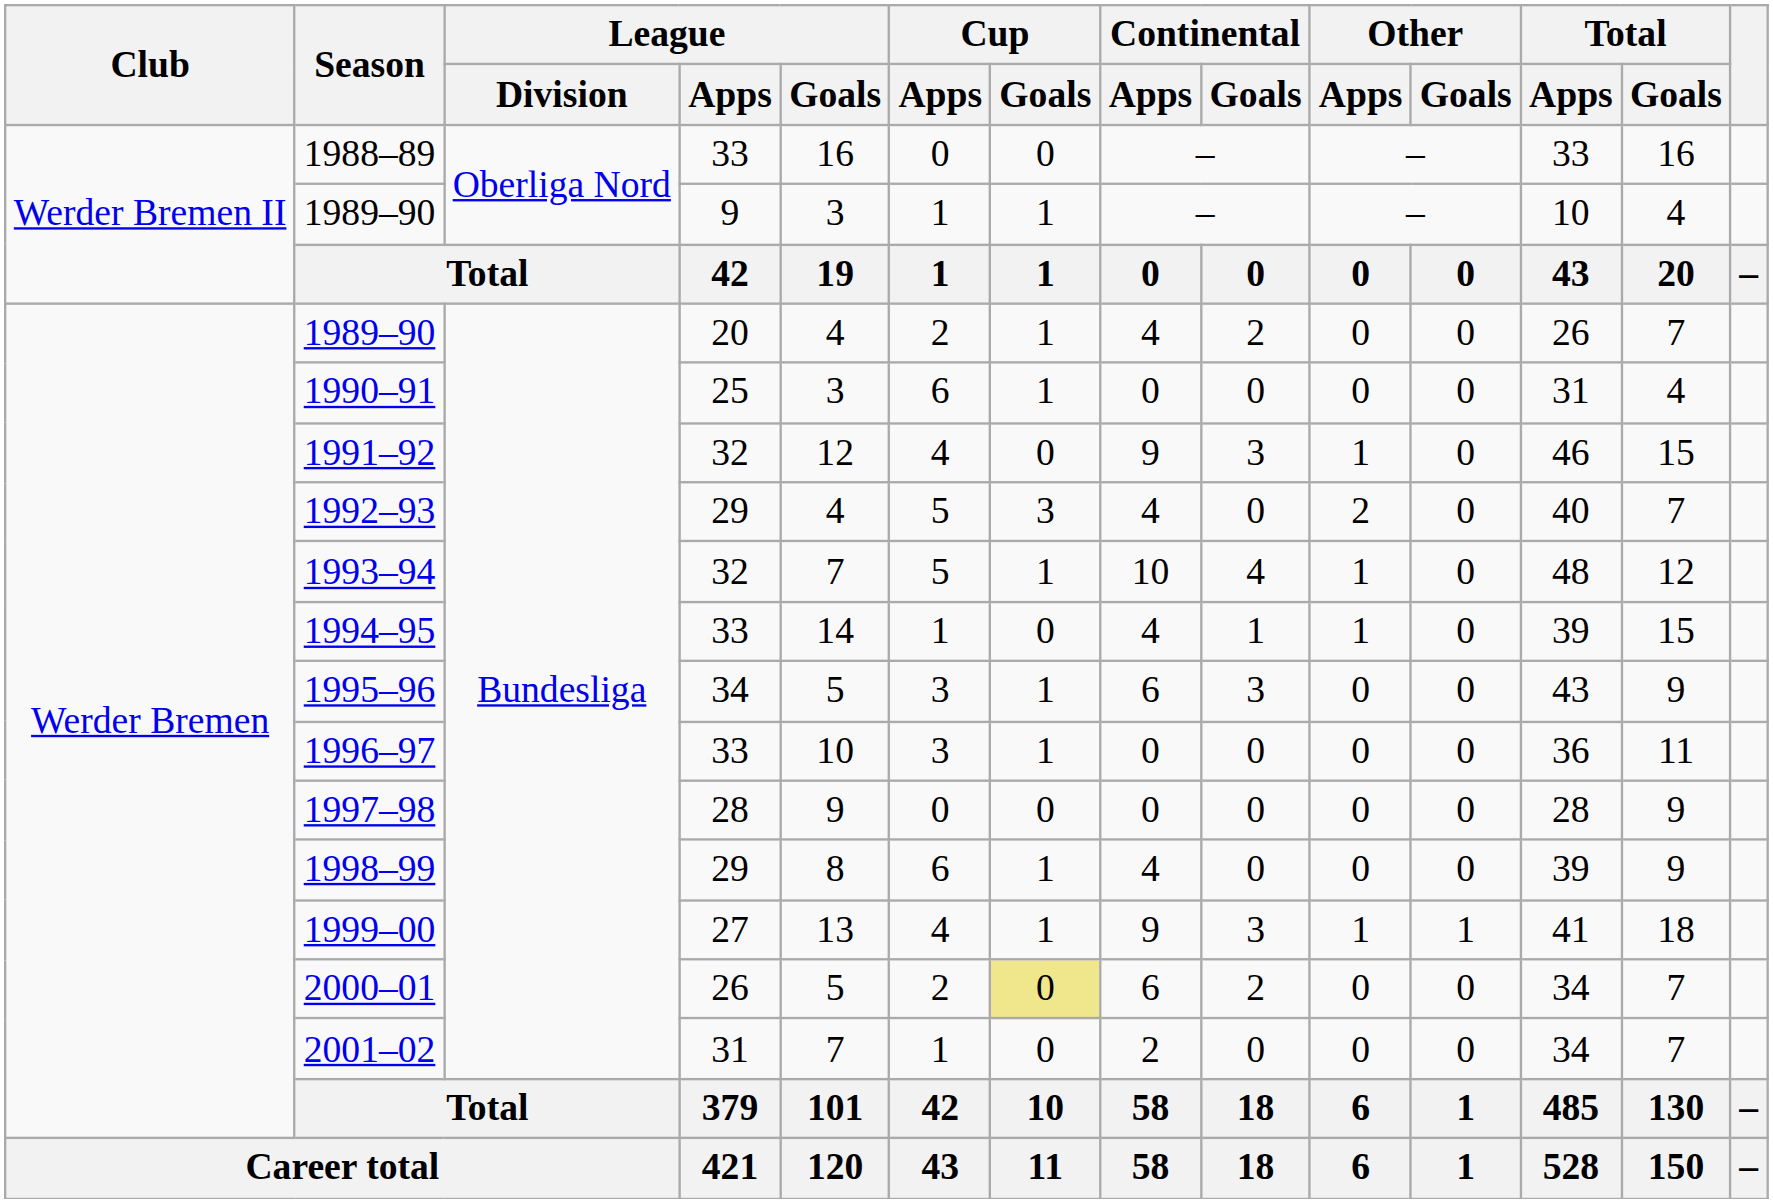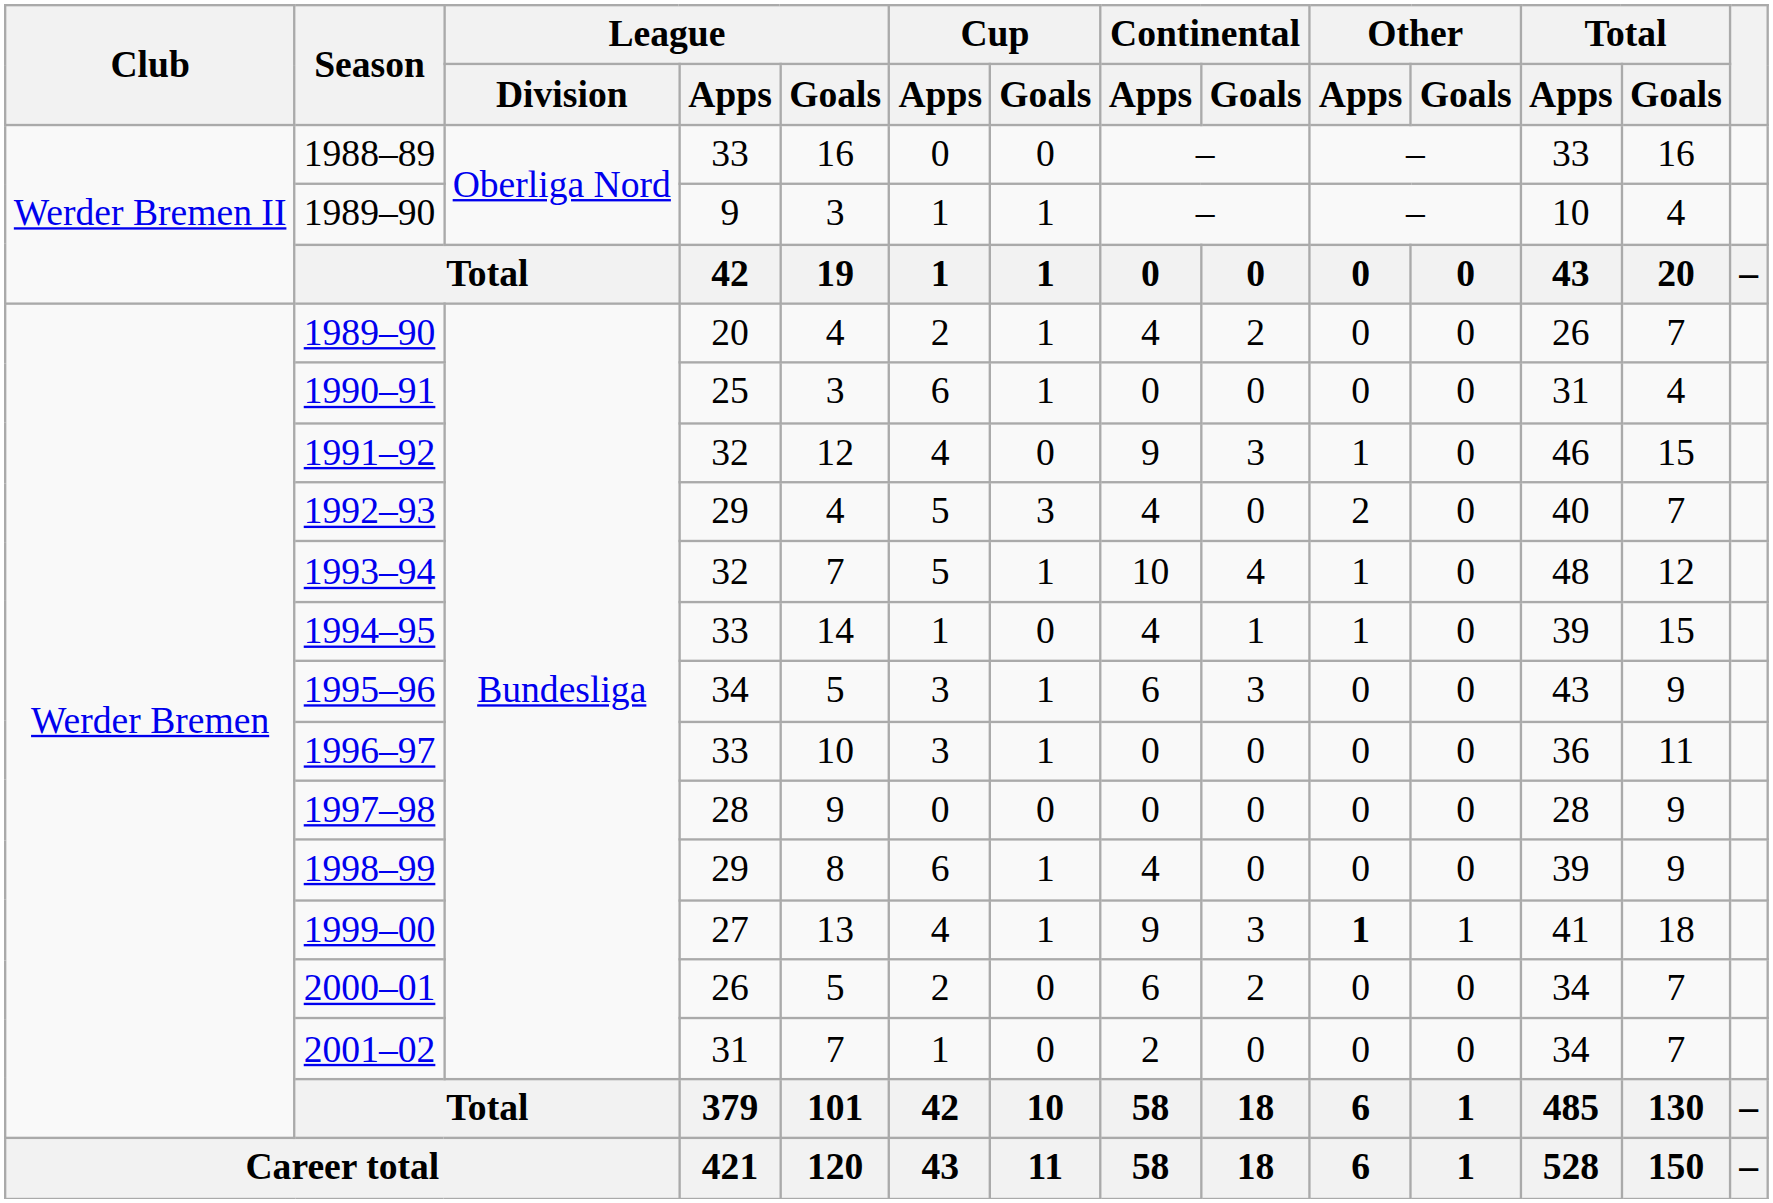 <table class="wikitable" style="text-align: center">
 <tr>
 <th rowspan="2">Club</th>
 <th rowspan="2">Season</th>
 <th colspan="3">League</th>
 <th colspan="2">Cup</th>
 <th colspan="2">Continental</th>
 <th colspan="2">Other</th>
 <th colspan="2">Total</th>
 <th rowspan="2"></th>
 </tr>
 <tr>
 <th>Division</th>
 <th>Apps</th>
 <th>Goals</th>
 <th>Apps</th>
 <th>Goals</th>
 <th>Apps</th>
 <th>Goals</th>
 <th>Apps</th>
 <th>Goals</th>
 <th>Apps</th>
 <th>Goals</th>
 </tr>
 <tr>
 <td rowspan="3"><a href='#'>Werder Bremen II</a></td>
 <td>1988–89</td>
 <td rowspan="2"><a href='#'>Oberliga Nord</a></td>
 <td>33</td>
 <td>16</td>
 <td>0</td>
 <td>0</td>
 <td colspan="2">–</td>
 <td colspan="2">–</td>
 <td>33</td>
 <td>16</td>
 <td></td>
 </tr>
 <tr>
 <td>1989–90</td>
 <td>9</td>
 <td>3</td>
 <td>1</td>
 <td>1</td>
 <td colspan="2">–</td>
 <td colspan="2">–</td>
 <td>10</td>
 <td>4</td>
 <td></td>
 </tr>
 <tr>
 <th colspan="2">Total</th>
 <th>42</th>
 <th>19</th>
 <th>1</th>
 <th>1</th>
 <th>0</th>
 <th>0</th>
 <th>0</th>
 <th>0</th>
 <th>43</th>
 <th>20</th>
 <th>–</th>
 </tr>
 <tr>
 <td rowspan="14"><a href='#'>Werder Bremen</a></td>
 <td><a href='#'>1989–90</a></td>
 <td rowspan="13"><a href='#'>Bundesliga</a></td>
 <td>20</td>
 <td>4</td>
 <td>2</td>
 <td>1</td>
 <td>4</td>
 <td>2</td>
 <td>0</td>
 <td>0</td>
 <td>26</td>
 <td>7</td>
 <td></td>
 </tr>
 <tr>
 <td><a href='#'>1990–91</a></td>
 <td>25</td>
 <td>3</td>
 <td>6</td>
 <td>1</td>
 <td>0</td>
 <td>0</td>
 <td>0</td>
 <td>0</td>
 <td>31</td>
 <td>4</td>
 <td></td>
 </tr>
 <tr>
 <td><a href='#'>1991–92</a></td>
 <td>32</td>
 <td>12</td>
 <td>4</td>
 <td>0</td>
 <td>9</td>
 <td>3</td>
 <td>1</td>
 <td>0</td>
 <td>46</td>
 <td>15</td>
 <td></td>
 </tr>
 <tr>
 <td><a href='#'>1992–93</a></td>
 <td>29</td>
 <td>4</td>
 <td>5</td>
 <td>3</td>
 <td>4</td>
 <td>0</td>
 <td>2</td>
 <td>0</td>
 <td>40</td>
 <td>7</td>
 <td></td>
 </tr>
 <tr>
 <td><a href='#'>1993–94</a></td>
 <td>32</td>
 <td>7</td>
 <td>5</td>
 <td>1</td>
 <td>10</td>
 <td>4</td>
 <td>1</td>
 <td>0</td>
 <td>48</td>
 <td>12</td>
 <td></td>
 </tr>
 <tr>
 <td><a href='#'>1994–95</a></td>
 <td>33</td>
 <td>14</td>
 <td>1</td>
 <td>0</td>
 <td>4</td>
 <td>1</td>
 <td>1</td>
 <td>0</td>
 <td>39</td>
 <td>15</td>
 <td></td>
 </tr>
 <tr>
 <td><a href='#'>1995–96</a></td>
 <td>34</td>
 <td>5</td>
 <td>3</td>
 <td>1</td>
 <td>6</td>
 <td>3</td>
 <td>0</td>
 <td>0</td>
 <td>43</td>
 <td>9</td>
 <td></td>
 </tr>
 <tr>
 <td><a href='#'>1996–97</a></td>
 <td>33</td>
 <td>10</td>
 <td>3</td>
 <td>1</td>
 <td>0</td>
 <td>0</td>
 <td>0</td>
 <td>0</td>
 <td>36</td>
 <td>11</td>
 <td></td>
 </tr>
 <tr>
 <td><a href='#'>1997–98</a></td>
 <td>28</td>
 <td>9</td>
 <td>0</td>
 <td>0</td>
 <td>0</td>
 <td>0</td>
 <td>0</td>
 <td>0</td>
 <td>28</td>
 <td>9</td>
 <td></td>
 </tr>
 <tr>
 <td><a href='#'>1998–99</a></td>
 <td>29</td>
 <td>8</td>
 <td>6</td>
 <td>1</td>
 <td>4</td>
 <td>0</td>
 <td>0</td>
 <td>0</td>
 <td>39</td>
 <td>9</td>
 <td></td>
 </tr>
 <tr>
 <td><a href='#'>1999–00</a></td>
 <td>27</td>
 <td>13</td>
 <td>4</td>
 <td>1</td>
 <td>9</td>
 <td>3</td>
-<td>1</td>
+<td><strong>1</strong></td>
 <td>1</td>
 <td>41</td>
 <td>18</td>
 <td></td>
 </tr>
 <tr>
 <td><a href='#'>2000–01</a></td>
 <td>26</td>
 <td>5</td>
 <td>2</td>
-<td style="background: khaki;">0</td>
+<td>0</td>
 <td>6</td>
 <td>2</td>
 <td>0</td>
 <td>0</td>
 <td>34</td>
 <td>7</td>
 <td></td>
 </tr>
 <tr>
 <td><a href='#'>2001–02</a></td>
 <td>31</td>
 <td>7</td>
 <td>1</td>
 <td>0</td>
 <td>2</td>
 <td>0</td>
 <td>0</td>
 <td>0</td>
 <td>34</td>
 <td>7</td>
 <td></td>
 </tr>
 <tr>
 <th colspan="2">Total</th>
 <th>379</th>
 <th>101</th>
 <th>42</th>
 <th>10</th>
 <th>58</th>
 <th>18</th>
 <th>6</th>
 <th>1</th>
 <th>485</th>
 <th>130</th>
 <th>–</th>
 </tr>
 <tr>
 <th colspan="3">Career total</th>
 <th>421</th>
 <th>120</th>
 <th>43</th>
 <th>11</th>
 <th>58</th>
 <th>18</th>
 <th>6</th>
 <th>1</th>
 <th>528</th>
 <th>150</th>
 <th>–</th>
 </tr>
 </table>
